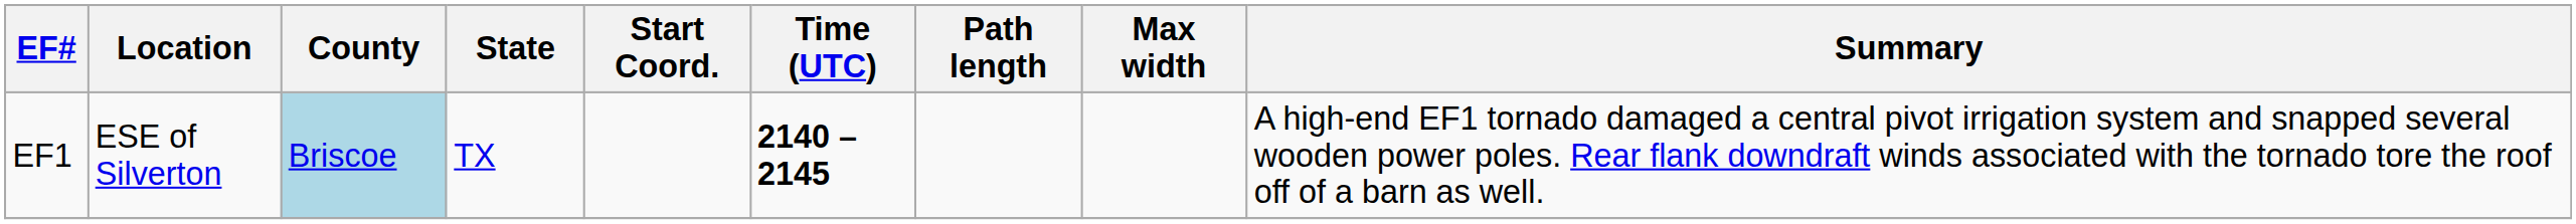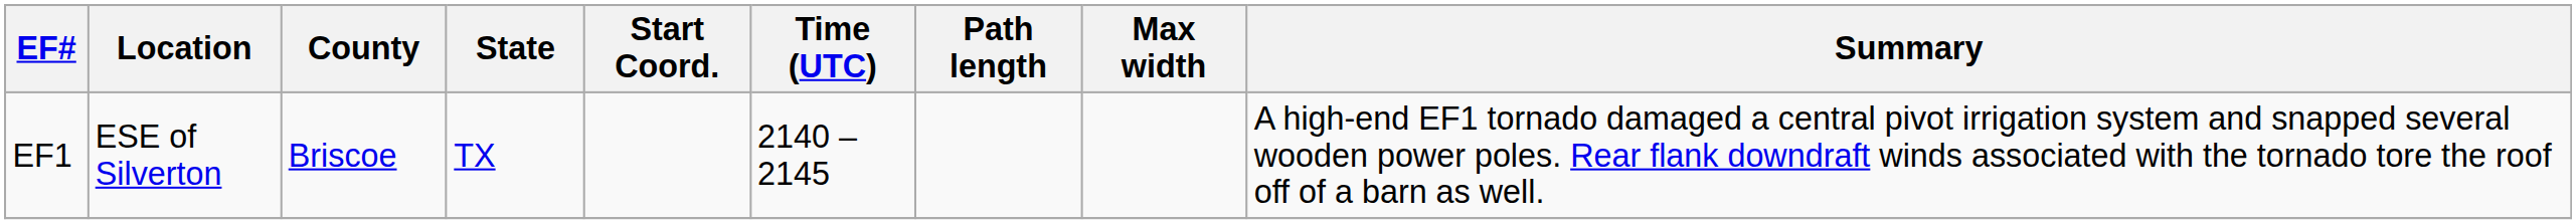 <table class="wikitable sortable" style="width:100%;">
 <tr>
 <th scope="col"  style="width:3%; text-align:center;"><a href='#'>EF#</a></th>
 <th scope="col"  style="width:7%; text-align:center;" class="unsortable">Location</th>
 <th scope="col"  style="width:6%; text-align:center;" class="unsortable">County</th>
 <th scope="col"  style="width:5%; text-align:center;">State</th>
 <th scope="col"  style="width:6%; text-align:center;">Start Coord.</th>
 <th scope="col"  style="width:6%; text-align:center;">Time (<a href='#'>UTC</a>)</th>
 <th scope="col"  style="width:6%; text-align:center;">Path length</th>
 <th scope="col"  style="width:6%; text-align:center;">Max width</th>
 <th scope="col" class="unsortable" style="width:48%; text-align:center;">Summary</th>
 </tr>
 <tr>
 <td>EF1</td>
 <td>ESE of <a href='#'>Silverton</a></td>
-<td style="background: lightblue;"><a href='#'>Briscoe</a></td>
+<td><a href='#'>Briscoe</a></td>
 <td><a href='#'>TX</a></td>
 <td></td>
-<td><strong>2140 – 2145</strong></td>
+<td>2140 – 2145</td>
 <td></td>
 <td></td>
 <td>A high-end EF1 tornado damaged a central pivot irrigation system and snapped several wooden power poles. <a href='#'>Rear flank downdraft</a> winds associated with the tornado tore the roof off of a barn as well.</td>
 </tr>
 <tr>
 </tr>
 </table>
